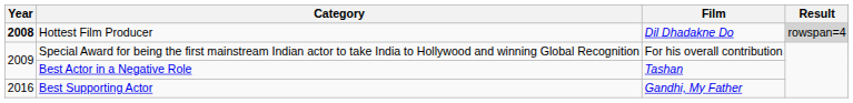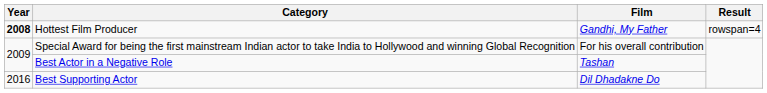 <table class="wikitable sortable">
 <tr>
 <th>Year</th>
 <th>Category</th>
 <th>Film</th>
 <th>Result</th>
 </tr>
 <tr>
 <td><strong>2008</strong></td>
 <td>Hottest Film Producer</td>
-<td><em><a href='#'>Dil Dhadakne Do</a></em></td>
-<td style="background: lightgrey;">rowspan=4 </td>
+<td><em><a href='#'>Gandhi, My Father</a></em></td>
+<td>rowspan=4 </td>
 </tr>
 <tr>
 <td rowspan="2">2009</td>
 <td>Special Award for being the first mainstream Indian actor to take India to Hollywood and winning Global Recognition</td>
 <td>For his overall contribution</td>
 </tr>
 <tr>
 <td><a href='#'>Best Actor in a Negative Role</a></td>
 <td><em><a href='#'>Tashan</a></em></td>
 </tr>
 <tr>
 <td>2016</td>
 <td><a href='#'>Best Supporting Actor</a></td>
-<td><em><a href='#'>Gandhi, My Father</a></em></td>
+<td><em><a href='#'>Dil Dhadakne Do</a></em></td>
 </tr>
 </table>
